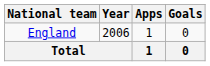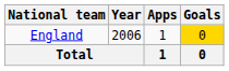 <table class=wikitable style="text-align: center;">
 <tr>
 <th>National team</th>
 <th>Year</th>
 <th>Apps</th>
 <th>Goals</th>
 </tr>
 <tr>
 <td><a href='#'>England</a></td>
 <td>2006</td>
 <td>1</td>
-<td>0</td>
+<td style="background: gold;">0</td>
 </tr>
 <tr>
 <th colspan=2>Total</th>
 <th>1</th>
 <th>0</th>
 </tr>
 </table>
